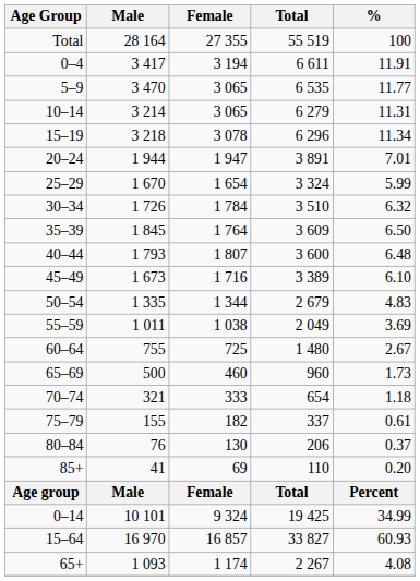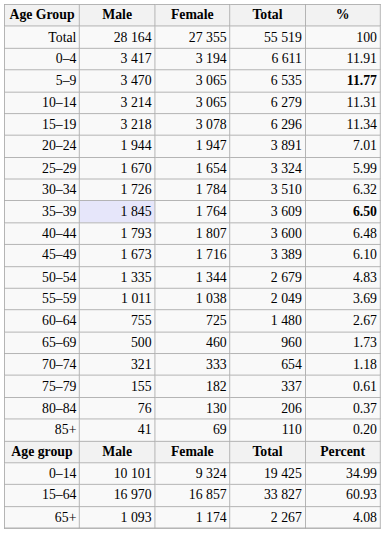 <table class="wikitable">
 <tr>
 <th width="80pt">Age Group</th>
 <th width="80pt">Male</th>
 <th width="80pt">Female</th>
 <th width="80pt">Total</th>
 <th width="80pt">%</th>
 </tr>
 <tr>
 <td align="right">Total</td>
 <td align="right">28 164</td>
 <td align="right">27 355</td>
 <td align="right">55 519</td>
 <td align="right">100</td>
 </tr>
 <tr>
 <td align="right">0–4</td>
 <td align="right">3 417</td>
 <td align="right">3 194</td>
 <td align="right">6 611</td>
 <td align="right">11.91</td>
 </tr>
 <tr>
 <td align="right">5–9</td>
 <td align="right">3 470</td>
 <td align="right">3 065</td>
 <td align="right">6 535</td>
-<td align="right">11.77</td>
+<td align="right"><strong>11.77</strong></td>
 </tr>
 <tr>
 <td align="right">10–14</td>
 <td align="right">3 214</td>
 <td align="right">3 065</td>
 <td align="right">6 279</td>
 <td align="right">11.31</td>
 </tr>
 <tr>
 <td align="right">15–19</td>
 <td align="right">3 218</td>
 <td align="right">3 078</td>
 <td align="right">6 296</td>
 <td align="right">11.34</td>
 </tr>
 <tr>
 <td align="right">20–24</td>
 <td align="right">1 944</td>
 <td align="right">1 947</td>
 <td align="right">3 891</td>
 <td align="right">7.01</td>
 </tr>
 <tr>
 <td align="right">25–29</td>
 <td align="right">1 670</td>
 <td align="right">1 654</td>
 <td align="right">3 324</td>
 <td align="right">5.99</td>
 </tr>
 <tr>
 <td align="right">30–34</td>
 <td align="right">1 726</td>
 <td align="right">1 784</td>
 <td align="right">3 510</td>
 <td align="right">6.32</td>
 </tr>
 <tr>
 <td align="right">35–39</td>
-<td align="right">1 845</td>
+<td align="right" style="background: lavender;">1 845</td>
 <td align="right">1 764</td>
 <td align="right">3 609</td>
-<td align="right">6.50</td>
+<td align="right"><strong>6.50</strong></td>
 </tr>
 <tr>
 <td align="right">40–44</td>
 <td align="right">1 793</td>
 <td align="right">1 807</td>
 <td align="right">3 600</td>
 <td align="right">6.48</td>
 </tr>
 <tr>
 <td align="right">45–49</td>
 <td align="right">1 673</td>
 <td align="right">1 716</td>
 <td align="right">3 389</td>
 <td align="right">6.10</td>
 </tr>
 <tr>
 <td align="right">50–54</td>
 <td align="right">1 335</td>
 <td align="right">1 344</td>
 <td align="right">2 679</td>
 <td align="right">4.83</td>
 </tr>
 <tr>
 <td align="right">55–59</td>
 <td align="right">1 011</td>
 <td align="right">1 038</td>
 <td align="right">2 049</td>
 <td align="right">3.69</td>
 </tr>
 <tr>
 <td align="right">60–64</td>
 <td align="right">755</td>
 <td align="right">725</td>
 <td align="right">1 480</td>
 <td align="right">2.67</td>
 </tr>
 <tr>
 <td align="right">65–69</td>
 <td align="right">500</td>
 <td align="right">460</td>
 <td align="right">960</td>
 <td align="right">1.73</td>
 </tr>
 <tr>
 <td align="right">70–74</td>
 <td align="right">321</td>
 <td align="right">333</td>
 <td align="right">654</td>
 <td align="right">1.18</td>
 </tr>
 <tr>
 <td align="right">75–79</td>
 <td align="right">155</td>
 <td align="right">182</td>
 <td align="right">337</td>
 <td align="right">0.61</td>
 </tr>
 <tr>
 <td align="right">80–84</td>
 <td align="right">76</td>
 <td align="right">130</td>
 <td align="right">206</td>
 <td align="right">0.37</td>
 </tr>
 <tr>
 <td align="right">85+</td>
 <td align="right">41</td>
 <td align="right">69</td>
 <td align="right">110</td>
 <td align="right">0.20</td>
 </tr>
 <tr>
 <th width="50">Age group</th>
 <th width="80pt">Male</th>
 <th width="80">Female</th>
 <th width="80">Total</th>
 <th width="50">Percent</th>
 </tr>
 <tr>
 <td align="right">0–14</td>
 <td align="right">10 101</td>
 <td align="right">9 324</td>
 <td align="right">19 425</td>
 <td align="right">34.99</td>
 </tr>
 <tr>
 <td align="right">15–64</td>
 <td align="right">16 970</td>
 <td align="right">16 857</td>
 <td align="right">33 827</td>
 <td align="right">60.93</td>
 </tr>
 <tr>
 <td align="right">65+</td>
 <td align="right">1 093</td>
 <td align="right">1 174</td>
 <td align="right">2 267</td>
 <td align="right">4.08</td>
 </tr>
 <tr>
 </tr>
 </table>
